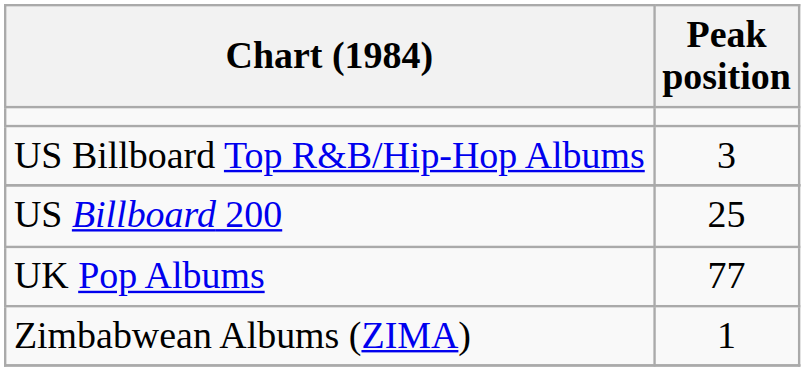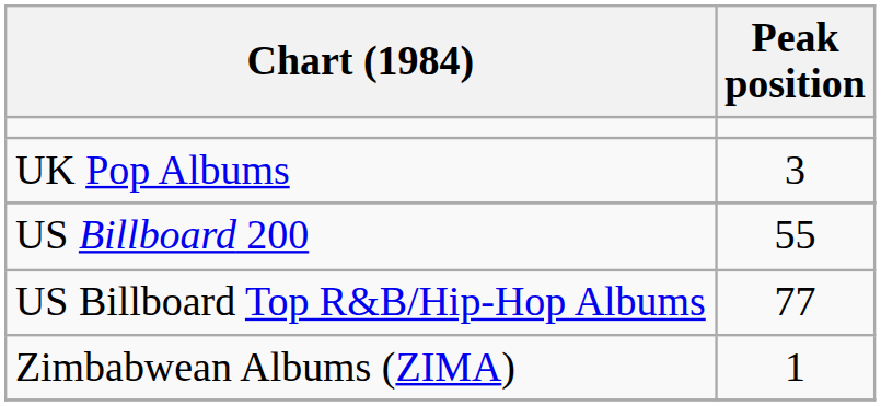 <table class="wikitable sortable plainrowheaders" style="text-align:left;">
 <tr>
 <th scope="col">Chart (1984)</th>
 <th scope="col">Peak<br> position</th>
 </tr>
 <tr>
 <td></td>
 </tr>
 <tr>
-<td>US Billboard <a href='#'>Top R&B/Hip-Hop Albums</a></td>
+<td>UK <a href='#'>Pop Albums</a></td>
 <td align="center">3</td>
 </tr>
 <tr>
 </tr>
 <tr>
 <td>US <a href='#'><em>Billboard</em> 200</a></td>
-<td align="center">25</td>
+<td align="center">55</td>
 </tr>
 <tr>
-<td>UK <a href='#'>Pop Albums</a></td>
+<td>US Billboard <a href='#'>Top R&B/Hip-Hop Albums</a></td>
 <td align="center">77</td>
 </tr>
 <tr>
 <td>Zimbabwean Albums (<a href='#'>ZIMA</a>)</td>
 <td align="center">1</td>
 </tr>
 <tr>
 </tr>
 </table>
